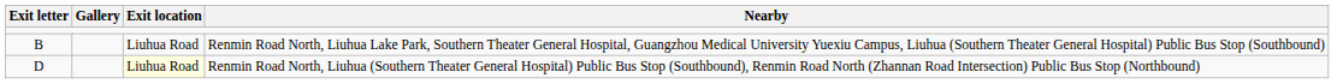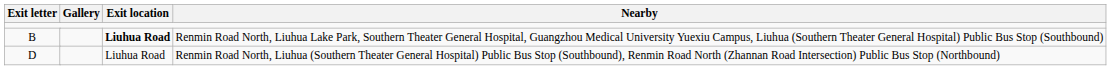 <table class="wikitable">
 <tr>
 <th style="width:70px" colspan="3">Exit letter</th>
 <th>Gallery</th>
 <th>Exit location</th>
 <th>Nearby</th>
 </tr>
 <tr style="background:#">
 <td colspan = "6"></td>
 </tr>
 <tr>
 <td align="center" colspan="3">B</td>
 <td></td>
-<td>Liuhua Road</td>
+<td><strong>Liuhua Road</strong></td>
 <td>Renmin Road North, Liuhua Lake Park, Southern Theater General Hospital, Guangzhou Medical University Yuexiu Campus, Liuhua (Southern Theater General Hospital) Public Bus Stop (Southbound)</td>
 </tr>
 <tr>
 <td align="center" colspan="3">D</td>
 <td></td>
-<td style="background: lightyellow;">Liuhua Road</td>
+<td>Liuhua Road</td>
 <td>Renmin Road North, Liuhua (Southern Theater General Hospital) Public Bus Stop (Southbound), Renmin Road North (Zhannan Road Intersection) Public Bus Stop (Northbound)</td>
 </tr>
 </table>
